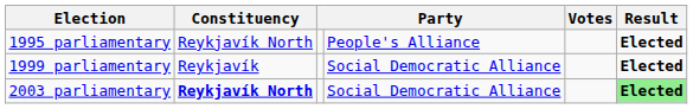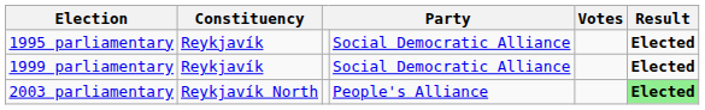 <table class="wikitable" style="text-align:left;">
 <tr>
 <th scope=col>Election</th>
 <th scope=col>Constituency</th>
 <th scope=col colspan="2">Party</th>
 <th scope=col>Votes</th>
 <th scope=col>Result</th>
 </tr>
 <tr>
 <td><a href='#'>1995 parliamentary</a></td>
-<td><a href='#'>Reykjavík North</a></td>
+<td><a href='#'>Reykjavík</a></td>
 <td style="background:"></td>
-<td><a href='#'>People's Alliance</a></td>
+<td><a href='#'>Social Democratic Alliance</a></td>
 <td align=right></td>
 <td><strong>Elected</strong></td>
 </tr>
 <tr>
 <td><a href='#'>1999 parliamentary</a></td>
 <td><a href='#'>Reykjavík</a></td>
 <td style="background:"></td>
 <td><a href='#'>Social Democratic Alliance</a></td>
 <td align=right></td>
 <td><strong>Elected</strong></td>
 </tr>
 <tr>
 <td><a href='#'>2003 parliamentary</a></td>
-<td><strong><a href='#'>Reykjavík North</a></strong></td>
+<td><a href='#'>Reykjavík North</a></td>
 <td style="background:"></td>
-<td><a href='#'>Social Democratic Alliance</a></td>
+<td><a href='#'>People's Alliance</a></td>
 <td align=right></td>
 <td style="background: lightgreen;"><strong>Elected</strong></td>
 </tr>
 </table>
